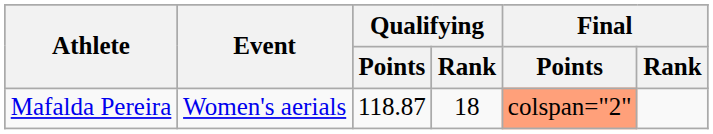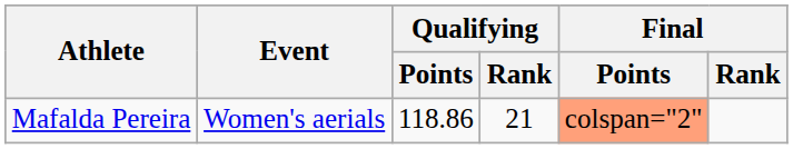 <table class="wikitable" style="font-size:90%">
 <tr>
 <th rowspan="2">Athlete</th>
 <th rowspan="2">Event</th>
 <th colspan="2">Qualifying</th>
 <th colspan="2">Final</th>
 </tr>
 <tr>
 <th>Points</th>
 <th>Rank</th>
 <th>Points</th>
 <th>Rank</th>
 </tr>
 <tr align="center">
 <td align="left"><a href='#'>Mafalda Pereira</a></td>
 <td align="left"><a href='#'>Women's aerials</a></td>
-<td>118.87</td>
-<td>18</td>
+<td>118.86</td>
+<td>21</td>
 <td style="background: lightsalmon;">colspan="2" </td>
 </tr>
 </table>
